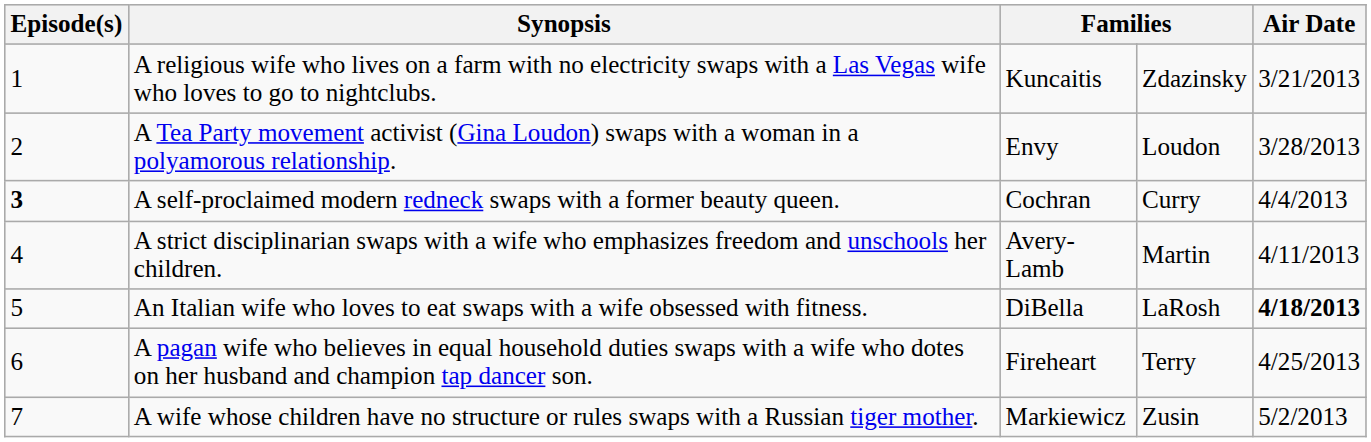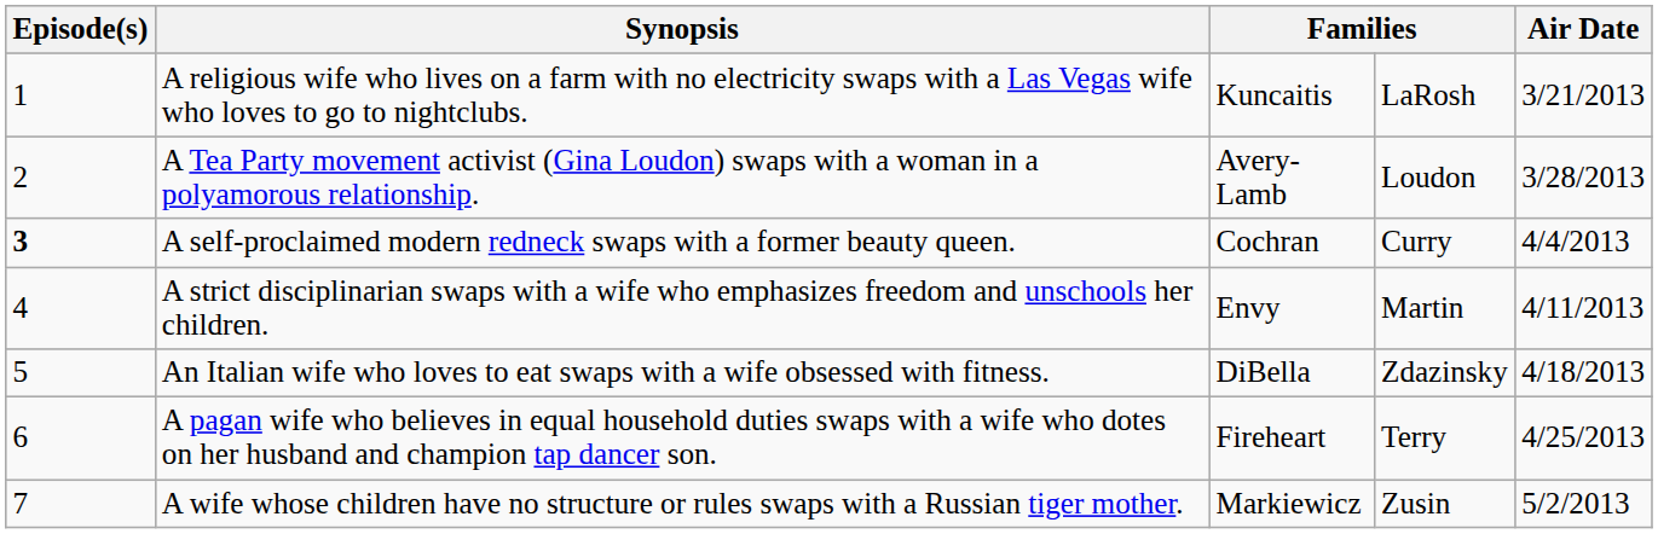 <table class="wikitable">
 <tr>
 <th>Episode(s)</th>
 <th>Synopsis</th>
 <th colspan="2">Families</th>
 <th>Air Date</th>
 </tr>
 <tr>
 <td>1</td>
 <td>A religious wife who lives on a farm with no electricity swaps with a <a href='#'>Las Vegas</a> wife who loves to go to nightclubs.</td>
 <td>Kuncaitis</td>
-<td>Zdazinsky</td>
+<td>LaRosh</td>
 <td>3/21/2013</td>
 </tr>
 <tr>
 <td>2</td>
 <td>A <a href='#'>Tea Party movement</a> activist (<a href='#'>Gina Loudon</a>) swaps with a woman in a <a href='#'>polyamorous relationship</a>.</td>
-<td>Envy</td>
+<td>Avery-Lamb</td>
 <td>Loudon</td>
 <td>3/28/2013</td>
 </tr>
 <tr>
 <td><strong>3</strong></td>
 <td>A self-proclaimed modern <a href='#'>redneck</a> swaps with a former beauty queen.</td>
 <td>Cochran</td>
 <td>Curry</td>
 <td>4/4/2013</td>
 </tr>
 <tr>
 <td>4</td>
 <td>A strict disciplinarian swaps with a wife who emphasizes freedom and <a href='#'>unschools</a> her children.</td>
-<td>Avery-Lamb</td>
+<td>Envy</td>
 <td>Martin</td>
 <td>4/11/2013</td>
 </tr>
 <tr>
 <td>5</td>
 <td>An Italian wife who loves to eat swaps with a wife obsessed with fitness.</td>
 <td>DiBella</td>
-<td>LaRosh</td>
-<td><strong>4/18/2013</strong></td>
+<td>Zdazinsky</td>
+<td>4/18/2013</td>
 </tr>
 <tr>
 <td>6</td>
 <td>A <a href='#'>pagan</a> wife who believes in equal household duties swaps with a wife who dotes on her husband and champion <a href='#'>tap dancer</a> son.</td>
 <td>Fireheart</td>
 <td>Terry</td>
 <td>4/25/2013</td>
 </tr>
 <tr>
 <td>7</td>
 <td>A wife whose children have no structure or rules swaps with a Russian <a href='#'>tiger mother</a>.</td>
 <td>Markiewicz</td>
 <td>Zusin</td>
 <td>5/2/2013</td>
 </tr>
 </table>
